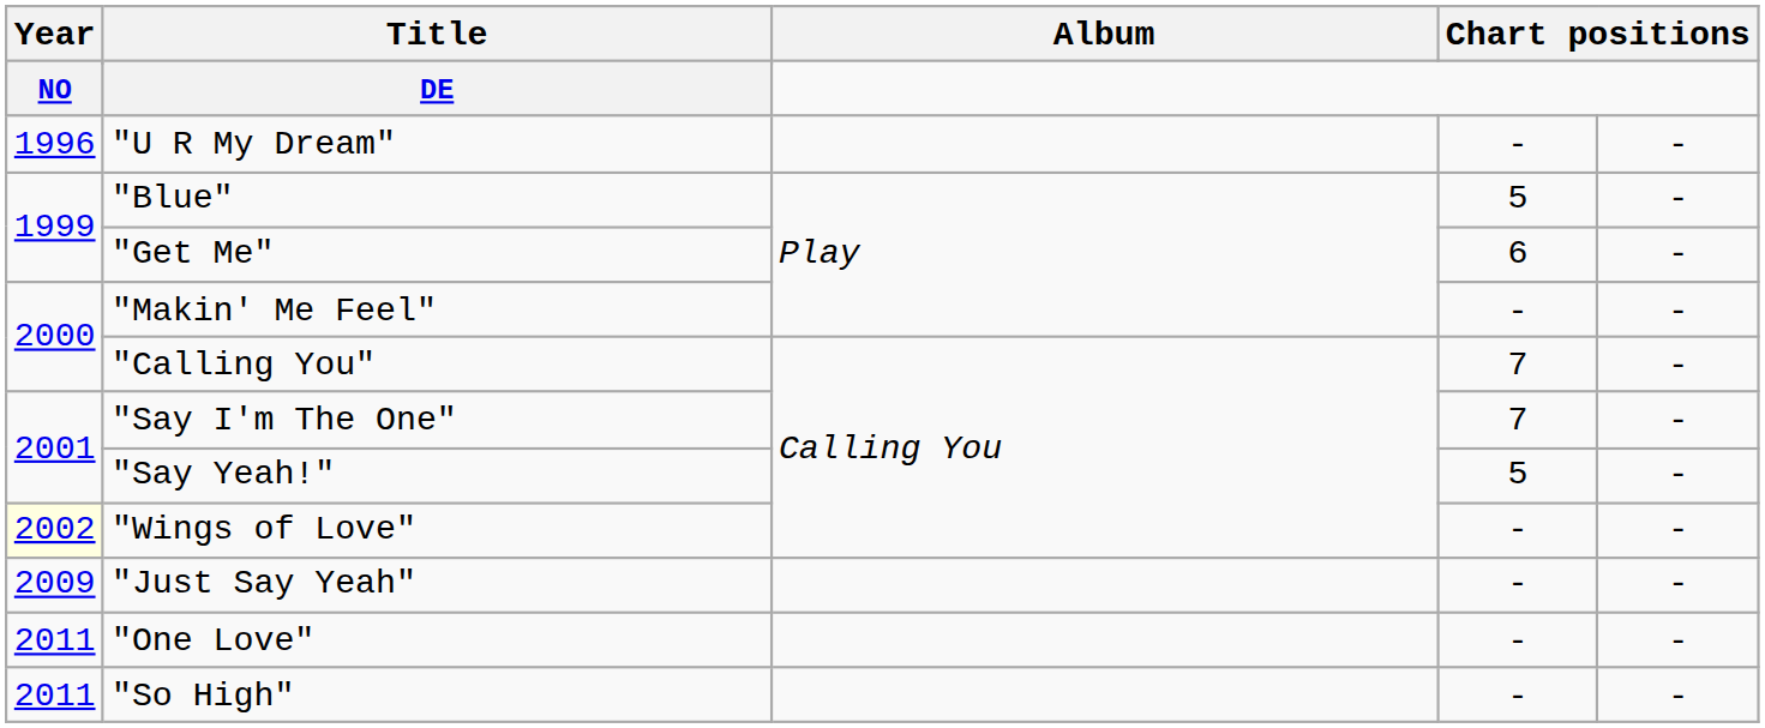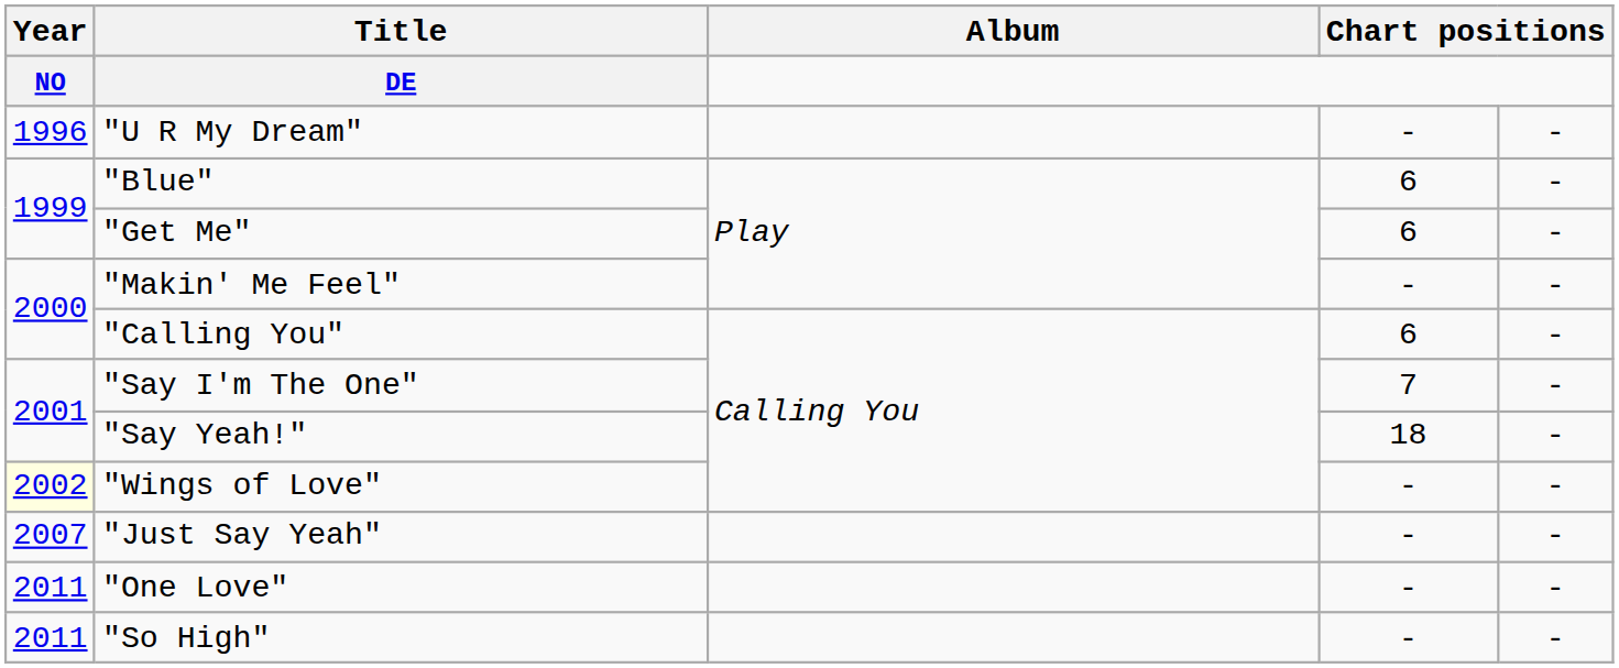 <table class="wikitable">
 <tr>
 <th width="28" rowspan="2">Year</th>
 <th width="250" rowspan="2">Title</th>
 <th width="250" rowspan="2">Album</th>
 <th colspan="9">Chart positions</th>
 </tr>
 <tr>
 </tr>
 <tr bgcolor="#DDDDDD">
 <th width="30"><small><a href='#'>NO</a></small></th>
 <th width="30"><small><a href='#'>DE</a></small></th>
 </tr>
 <tr>
 <td align="left" rowspan="1"><a href='#'>1996</a></td>
 <td align="left">"U R My Dream"</td>
 <td align="left" rowspan="1"></td>
 <td align="center">-</td>
 <td align="center">-</td>
 </tr>
 <tr>
 <td align="left" rowspan="2"><a href='#'>1999</a></td>
 <td align="left">"Blue"</td>
 <td align="left" rowspan="3"><em>Play</em></td>
-<td align="center">5</td>
+<td align="center">6</td>
 <td align="center">-</td>
 </tr>
 <tr>
 <td align="left">"Get Me"</td>
 <td align="center">6</td>
 <td align="center">-</td>
 </tr>
 <tr>
 <td align="left" rowspan="2"><a href='#'>2000</a></td>
 <td align="left">"Makin' Me Feel"</td>
 <td align="center">-</td>
 <td align="center">-</td>
 </tr>
 <tr>
 <td align="left">"Calling You"</td>
 <td align="left" rowspan="4"><em>Calling You</em></td>
-<td align="center">7</td>
+<td align="center">6</td>
 <td align="center">-</td>
 </tr>
 <tr>
 <td align="left" rowspan="2"><a href='#'>2001</a></td>
 <td align="left">"Say I'm The One"</td>
 <td align="center">7</td>
 <td align="center">-</td>
 </tr>
 <tr>
 <td align="left">"Say Yeah!"</td>
-<td align="center">5</td>
+<td align="center">18</td>
 <td align="center">-</td>
 </tr>
 <tr>
 <td align="left" rowspan="1" style="background: lightyellow;"><a href='#'>2002</a></td>
 <td align="left">"Wings of Love"</td>
 <td align="center">-</td>
 <td align="center">-</td>
 </tr>
 <tr>
-<td align="left" rowspan="1"><a href='#'>2009</a></td>
+<td align="left" rowspan="1"><a href='#'>2007</a></td>
 <td align="left">"Just Say Yeah"</td>
 <td align="left" rowspan="1"></td>
 <td align="center">-</td>
 <td align="center">-</td>
 </tr>
 <tr>
 <td align="left" rowspan="1"><a href='#'>2011</a></td>
 <td align="left">"One Love"</td>
 <td></td>
 <td align="center">-</td>
 <td align="center">-</td>
 </tr>
 <tr>
 <td align="left" rowspan="1"><a href='#'>2011</a></td>
 <td align="left">"So High"</td>
 <td></td>
 <td align="center">-</td>
 <td align="center">-</td>
 </tr>
 </table>
